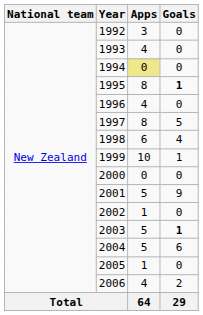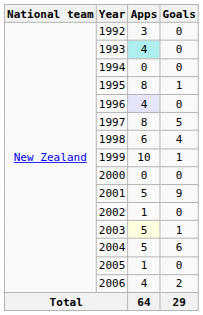 <table class="wikitable" style="text-align:center">
 <tr>
 <th>National team</th>
 <th>Year</th>
 <th>Apps</th>
 <th>Goals</th>
 </tr>
 <tr>
 <td rowspan="15"><a href='#'>New Zealand</a></td>
 <td>1992</td>
 <td>3</td>
 <td>0</td>
 </tr>
 <tr>
 <td>1993</td>
-<td>4</td>
+<td style="background: paleturquoise;">4</td>
 <td>0</td>
 </tr>
 <tr>
 <td>1994</td>
-<td style="background: khaki;">0</td>
+<td>0</td>
 <td>0</td>
 </tr>
 <tr>
 <td>1995</td>
 <td>8</td>
-<td><strong>1</strong></td>
+<td>1</td>
 </tr>
 <tr>
 <td>1996</td>
-<td>4</td>
+<td style="background: lavender;">4</td>
 <td>0</td>
 </tr>
 <tr>
 <td>1997</td>
 <td>8</td>
 <td>5</td>
 </tr>
 <tr>
 <td>1998</td>
 <td>6</td>
 <td>4</td>
 </tr>
 <tr>
 <td>1999</td>
 <td>10</td>
 <td>1</td>
 </tr>
 <tr>
 <td>2000</td>
 <td>0</td>
 <td>0</td>
 </tr>
 <tr>
 <td>2001</td>
 <td>5</td>
 <td>9</td>
 </tr>
 <tr>
 <td>2002</td>
 <td>1</td>
 <td>0</td>
 </tr>
 <tr>
 <td>2003</td>
-<td>5</td>
-<td><strong>1</strong></td>
+<td style="background: lightyellow;">5</td>
+<td>1</td>
 </tr>
 <tr>
 <td>2004</td>
 <td>5</td>
 <td>6</td>
 </tr>
 <tr>
 <td>2005</td>
 <td>1</td>
 <td>0</td>
 </tr>
 <tr>
 <td>2006</td>
 <td>4</td>
 <td>2</td>
 </tr>
 <tr>
 <th colspan="2">Total</th>
 <th>64</th>
 <th>29</th>
 </tr>
 </table>
